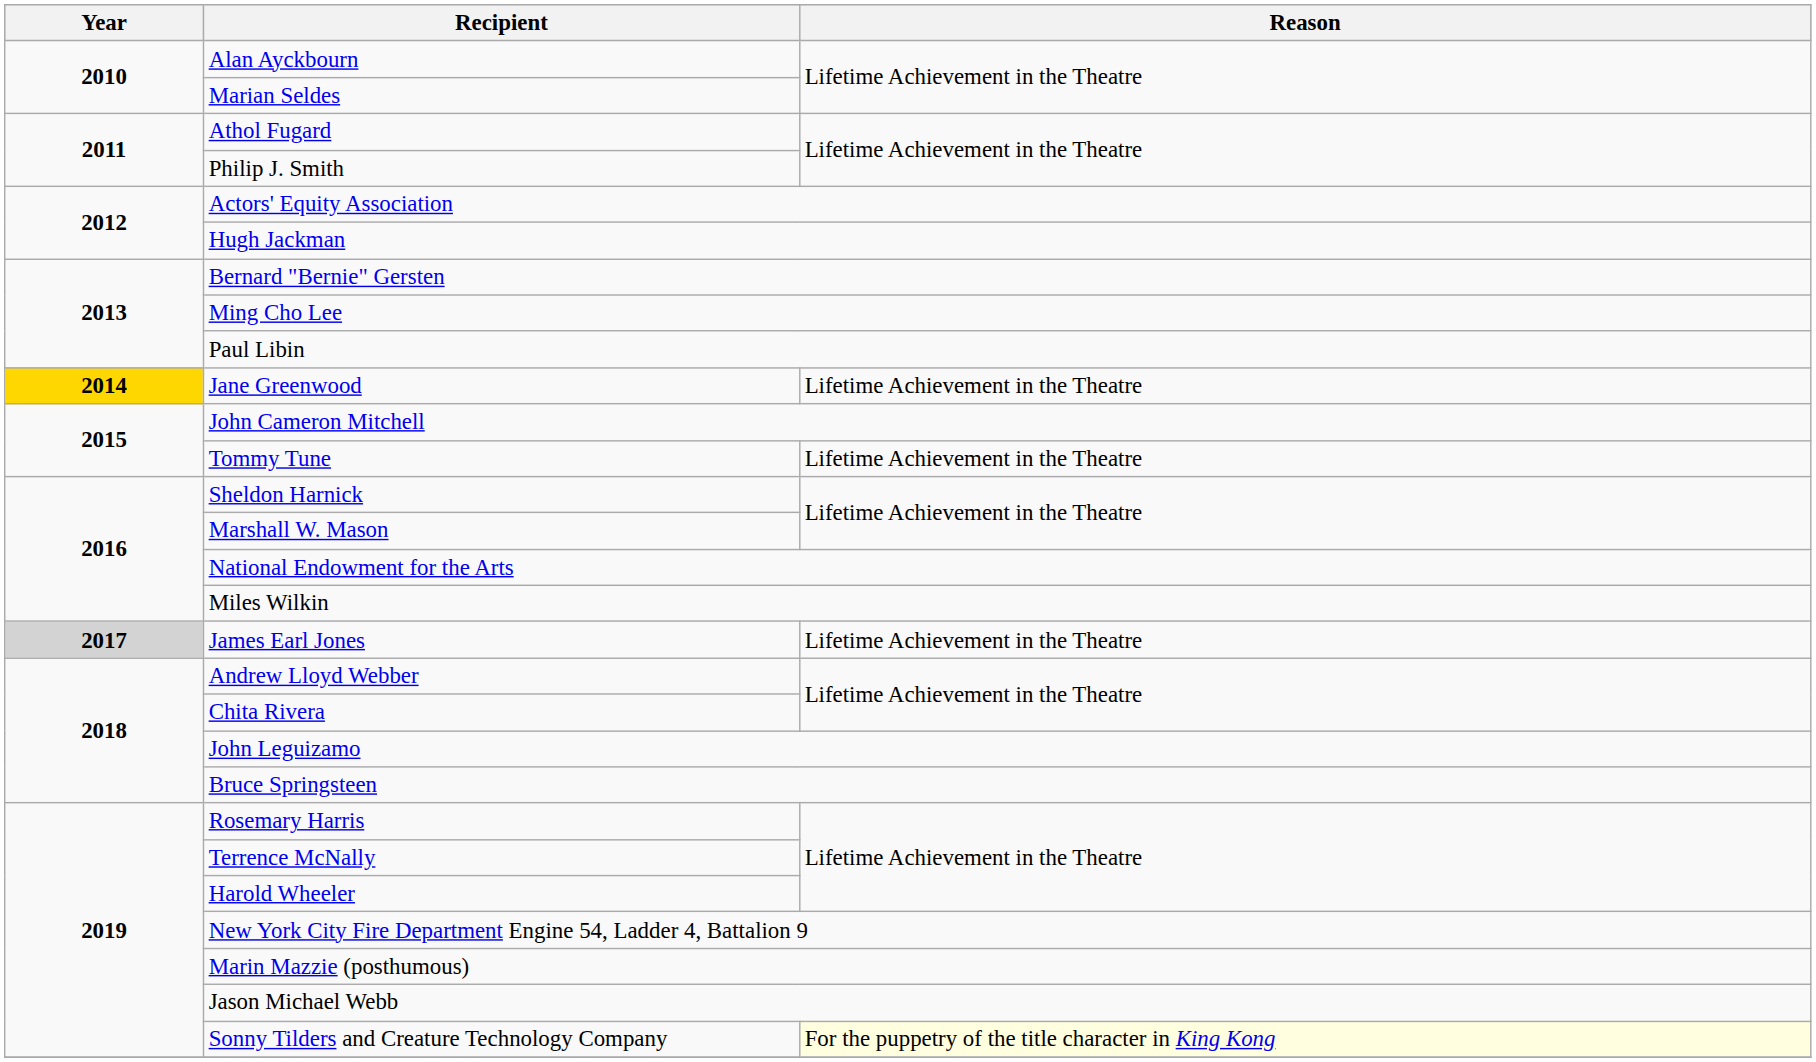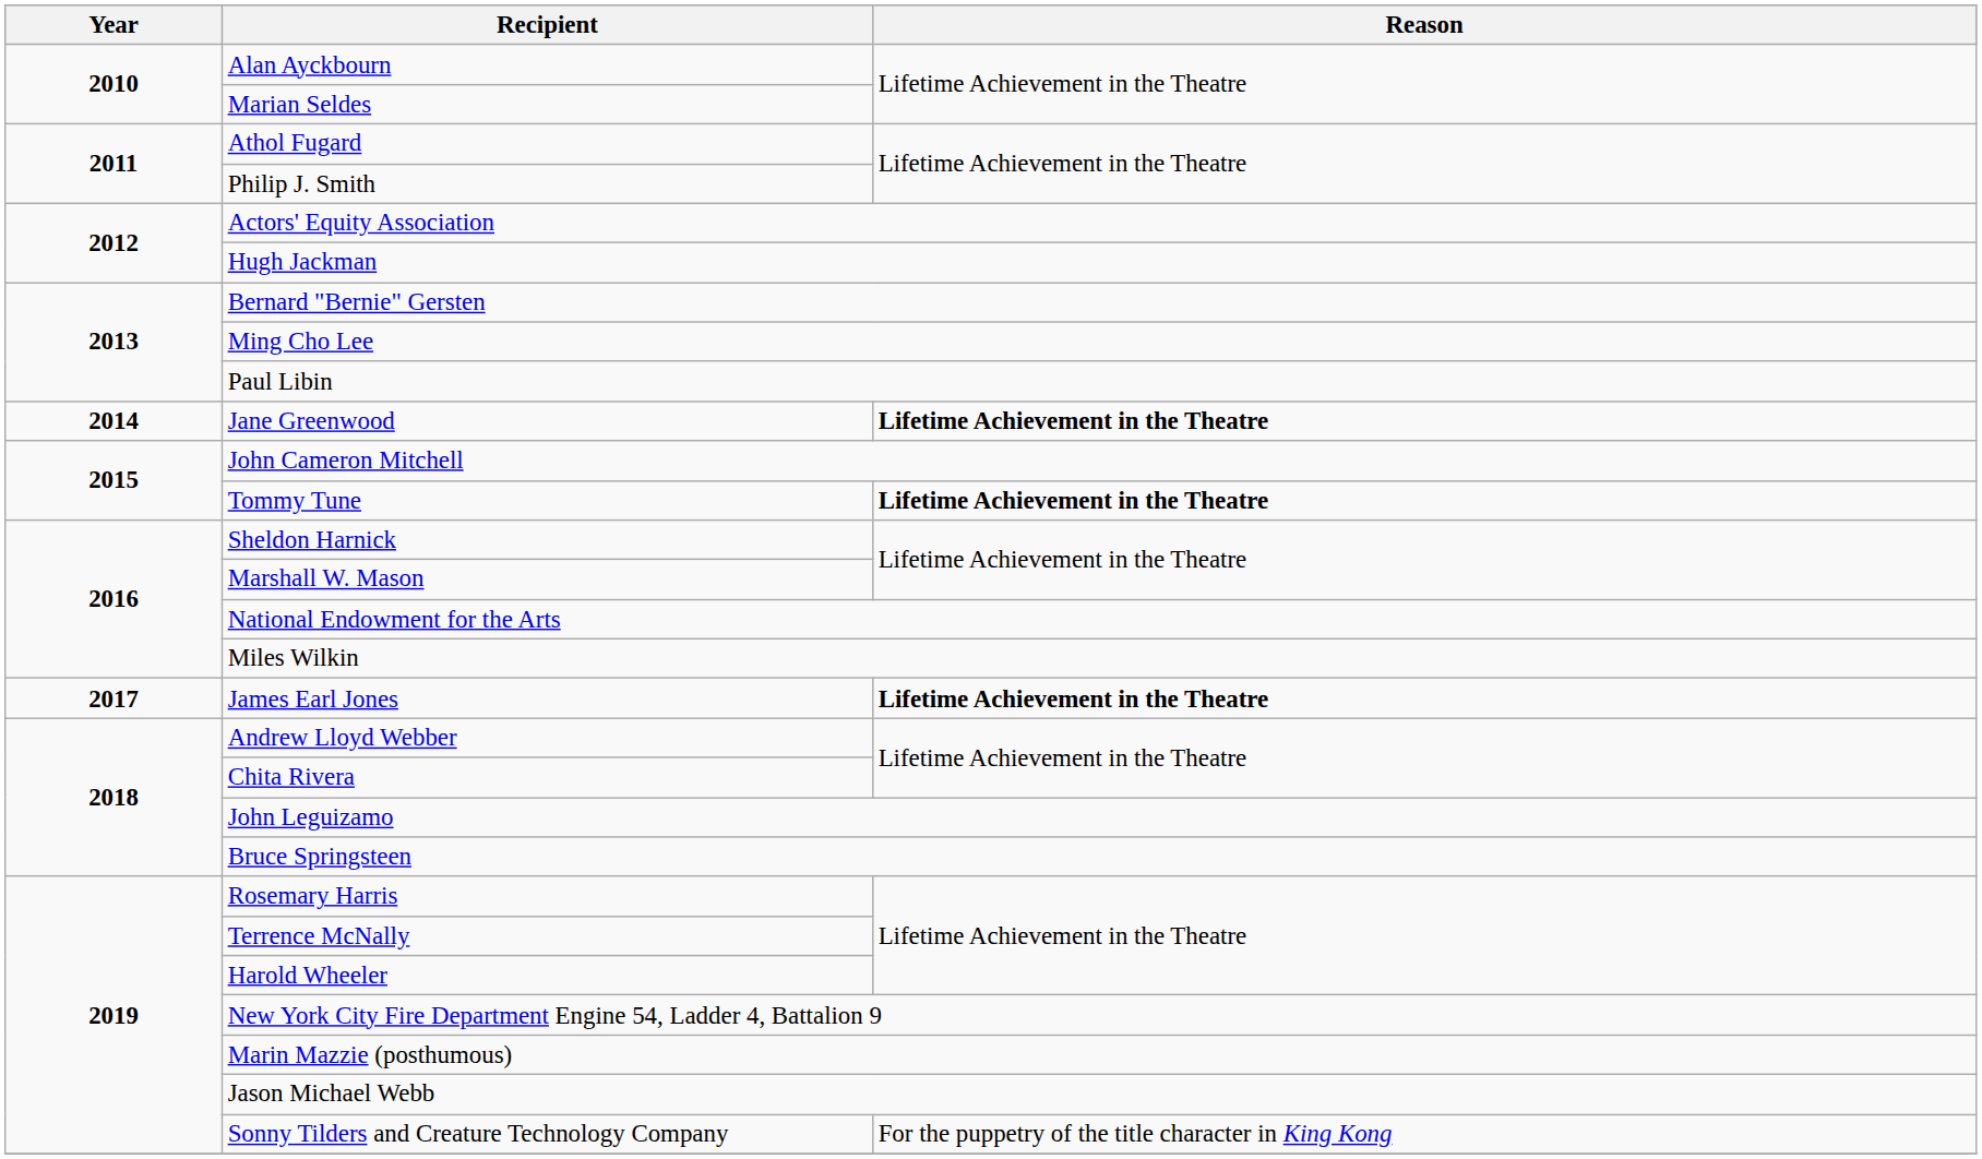 <table class="wikitable" style="width:100%;">
 <tr style="background:#bebebe;">
 <th style="width:11%;">Year</th>
 <th style="width:33%;”">Recipient</th>
 <th style="width:56%;”">Reason</th>
 </tr>
 <tr>
 <td rowspan="2" align="center"><strong>2010</strong><br></td>
 <td><a href='#'>Alan Ayckbourn</a></td>
 <td rowspan="2">Lifetime Achievement in the Theatre</td>
 </tr>
 <tr>
 <td><a href='#'>Marian Seldes</a></td>
 </tr>
 <tr>
 <td rowspan="2" align="center"><strong>2011</strong><br></td>
 <td><a href='#'>Athol Fugard</a></td>
 <td rowspan ="2">Lifetime Achievement in the Theatre</td>
 </tr>
 <tr>
 <td>Philip J. Smith</td>
 </tr>
 <tr>
 <td rowspan="2" align="center"><strong>2012</strong><br></td>
 <td colspan="2"><a href='#'>Actors' Equity Association</a></td>
 </tr>
 <tr>
 <td colspan="2"><a href='#'>Hugh Jackman</a></td>
 </tr>
 <tr>
 <td rowspan="3" align="center"><strong>2013</strong><br></td>
 <td colspan="2"><a href='#'>Bernard "Bernie" Gersten</a></td>
 </tr>
 <tr>
 <td colspan="2"><a href='#'>Ming Cho Lee</a></td>
 </tr>
 <tr>
 <td colspan="2">Paul Libin</td>
 </tr>
 <tr>
-<td align="center" style="background: gold;"><strong>2014</strong><br></td>
+<td align="center"><strong>2014</strong><br></td>
 <td><a href='#'>Jane Greenwood</a></td>
-<td>Lifetime Achievement in the Theatre</td>
+<td><strong>Lifetime Achievement in the Theatre</strong></td>
 </tr>
 <tr>
 <td rowspan="2" align="center"><strong>2015</strong><br></td>
 <td colspan="2"><a href='#'>John Cameron Mitchell</a></td>
 </tr>
 <tr>
 <td><a href='#'>Tommy Tune</a></td>
-<td>Lifetime Achievement in the Theatre</td>
+<td><strong>Lifetime Achievement in the Theatre</strong></td>
 </tr>
 <tr>
 <td rowspan="4" align="center"><strong>2016</strong><br></td>
 <td><a href='#'>Sheldon Harnick</a></td>
 <td rowspan="2">Lifetime Achievement in the Theatre</td>
 </tr>
 <tr>
 <td><a href='#'>Marshall W. Mason</a></td>
 </tr>
 <tr>
 <td colspan="2"><a href='#'>National Endowment for the Arts</a></td>
 </tr>
 <tr>
 <td colspan="2">Miles Wilkin</td>
 </tr>
 <tr>
-<td align="center" style="background: lightgrey;"><strong>2017</strong><br></td>
+<td align="center"><strong>2017</strong><br></td>
 <td><a href='#'>James Earl Jones</a></td>
-<td>Lifetime Achievement in the Theatre</td>
+<td><strong>Lifetime Achievement in the Theatre</strong></td>
 </tr>
 <tr>
 <td rowspan="4" align="center"><strong>2018</strong><br></td>
 <td><a href='#'>Andrew Lloyd Webber</a></td>
 <td rowspan="2">Lifetime Achievement in the Theatre</td>
 </tr>
 <tr>
 <td><a href='#'>Chita Rivera</a></td>
 </tr>
 <tr>
 <td colspan="2"><a href='#'>John Leguizamo</a></td>
 </tr>
 <tr>
 <td colspan="2"><a href='#'>Bruce Springsteen</a></td>
 </tr>
 <tr>
 <td rowspan="7" align="center"><strong>2019</strong><br></td>
 <td><a href='#'>Rosemary Harris</a></td>
 <td rowspan="3">Lifetime Achievement in the Theatre</td>
 </tr>
 <tr>
 <td><a href='#'>Terrence McNally</a></td>
 </tr>
 <tr>
 <td><a href='#'>Harold Wheeler</a></td>
 </tr>
 <tr>
 <td colspan="2"><a href='#'>New York City Fire Department</a> Engine 54, Ladder 4, Battalion 9</td>
 </tr>
 <tr>
 <td colspan="2"><a href='#'>Marin Mazzie</a> (posthumous)</td>
 </tr>
 <tr>
 <td colspan="2">Jason Michael Webb</td>
 </tr>
 <tr>
 <td><a href='#'>Sonny Tilders</a> and Creature Technology Company</td>
-<td style="background: lightyellow;">For the puppetry of the title character in <em><a href='#'>King Kong</a></em></td>
+<td>For the puppetry of the title character in <em><a href='#'>King Kong</a></em></td>
 </tr>
 <tr>
 </tr>
 </table>
